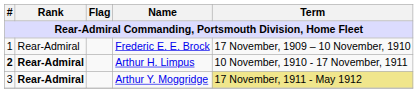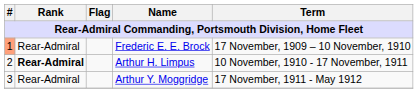 <table class="wikitable">
 <tr>
 <th>#</th>
 <th>Rank</th>
 <th>Flag</th>
 <th>Name</th>
 <th>Term</th>
 </tr>
 <tr>
 <td colspan="5" align="center" style="background:#dcdcfe;"><strong>Rear-Admiral Commanding, Portsmouth Division, Home Fleet</strong></td>
 </tr>
 <tr>
-<td>1</td>
+<td style="background: lightsalmon;">1</td>
 <td>Rear-Admiral</td>
 <td></td>
 <td><a href='#'>Frederic E. E. Brock</a></td>
 <td>17 November, 1909 – 10 November, 1910</td>
 </tr>
 <tr>
-<td><strong>2</strong></td>
+<td>2</td>
 <td><strong>Rear-Admiral</strong></td>
 <td></td>
 <td><a href='#'>Arthur H. Limpus</a></td>
 <td>10 November, 1910 - 17 November, 1911</td>
 </tr>
 <tr>
 <td>3</td>
-<td><strong>Rear-Admiral</strong></td>
+<td>Rear-Admiral</td>
 <td></td>
 <td><a href='#'>Arthur Y. Moggridge</a></td>
-<td style="background: khaki;">17 November, 1911 - May 1912</td>
+<td>17 November, 1911 - May 1912</td>
 </tr>
 <tr>
 </tr>
 </table>
